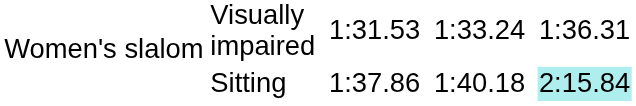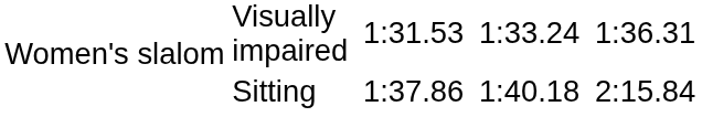 <table>
 <tr>
 <td rowspan="3">Women's slalom<br></td>
 <td>Visually<br>impaired</td>
 <td></td>
 <td>1:31.53</td>
 <td></td>
 <td>1:33.24</td>
 <td></td>
 <td>1:36.31</td>
 </tr>
 <tr>
 <td>Sitting</td>
 <td></td>
 <td>1:37.86</td>
 <td></td>
 <td>1:40.18</td>
 <td></td>
-<td style="background: paleturquoise;">2:15.84</td>
+<td>2:15.84</td>
 </tr>
 </table>
